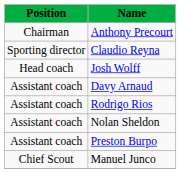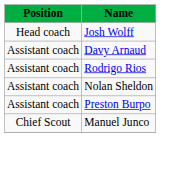 <table class="wikitable" style="text-align:center;">
 <tr>
 <th style="background:#00AE42; color:black;">Position</th>
 <th style="background:#00AE42; color:black;">Name</th>
-</tr>
-<tr>
-<td>Chairman</td>
-<td align=left> <a href='#'>Anthony Precourt</a></td>
-</tr>
-<tr>
-<td>Sporting director</td>
-<td align=left> <a href='#'>Claudio Reyna</a></td>
 </tr>
 <tr>
 <td>Head coach</td>
 <td align=left> <a href='#'>Josh Wolff</a></td>
 </tr>
 <tr>
 <td>Assistant coach</td>
 <td align=left> <a href='#'>Davy Arnaud</a></td>
 </tr>
 <tr>
 <td>Assistant coach</td>
 <td align=left> <a href='#'>Rodrigo Rios</a></td>
 </tr>
 <tr>
 <td>Assistant coach</td>
 <td align=left> Nolan Sheldon</td>
 </tr>
 <tr>
 <td>Assistant coach</td>
 <td align=left> <a href='#'>Preston Burpo</a></td>
 </tr>
 <tr>
 <td>Chief Scout</td>
 <td align=left> Manuel Junco</td>
 </tr>
 <tr>
 </tr>
 </table>
